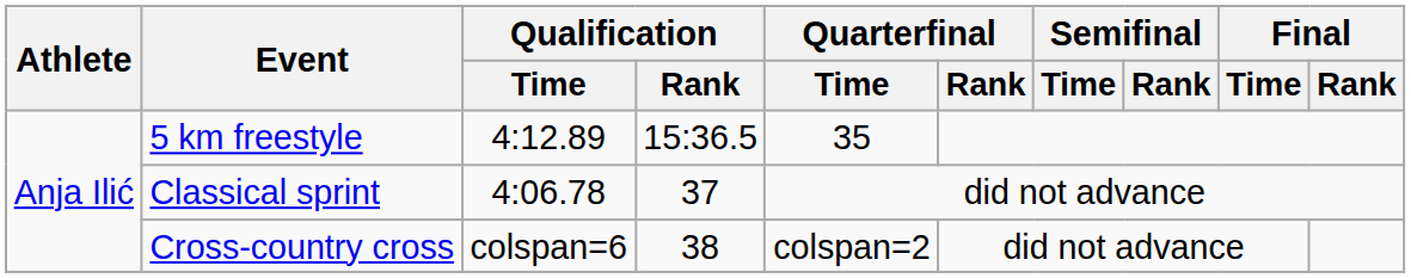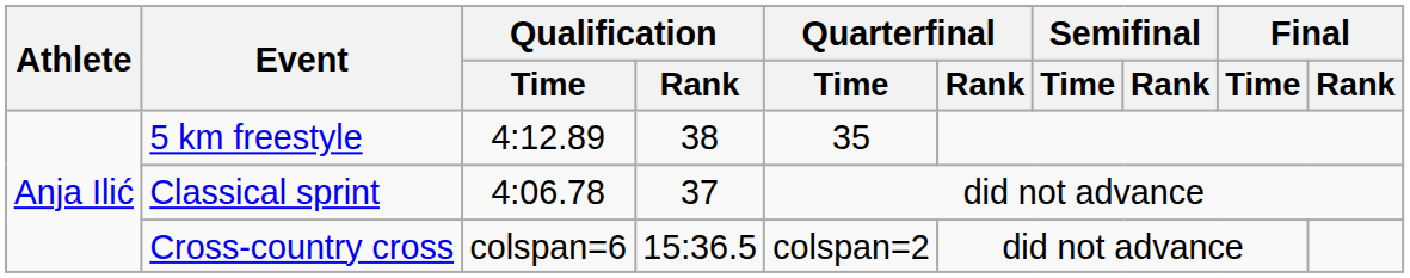 <table class="wikitable" style="font-size:90%">
 <tr>
 <th rowspan="2">Athlete</th>
 <th rowspan="2">Event</th>
 <th colspan="2">Qualification</th>
 <th colspan="2">Quarterfinal</th>
 <th colspan="2">Semifinal</th>
 <th colspan="2">Final</th>
 </tr>
 <tr style="font-size:95%">
 <th>Time</th>
 <th>Rank</th>
 <th>Time</th>
 <th>Rank</th>
 <th>Time</th>
 <th>Rank</th>
 <th>Time</th>
 <th>Rank</th>
 </tr>
 <tr align=center>
 <td align=left rowspan=3><a href='#'>Anja Ilić</a></td>
 <td align=left><a href='#'>5 km freestyle</a></td>
 <td>4:12.89</td>
-<td>15:36.5</td>
+<td>38</td>
 <td>35</td>
 </tr>
 <tr align=center>
 <td align=left><a href='#'>Classical sprint</a></td>
 <td>4:06.78</td>
 <td>37</td>
 <td colspan=6>did not advance</td>
 </tr>
 <tr align=center>
 <td align=left><a href='#'>Cross-country cross</a></td>
 <td>colspan=6 </td>
-<td>38</td>
+<td>15:36.5</td>
 <td>colspan=2 </td>
 <td colspan=4>did not advance</td>
 </tr>
 </table>
